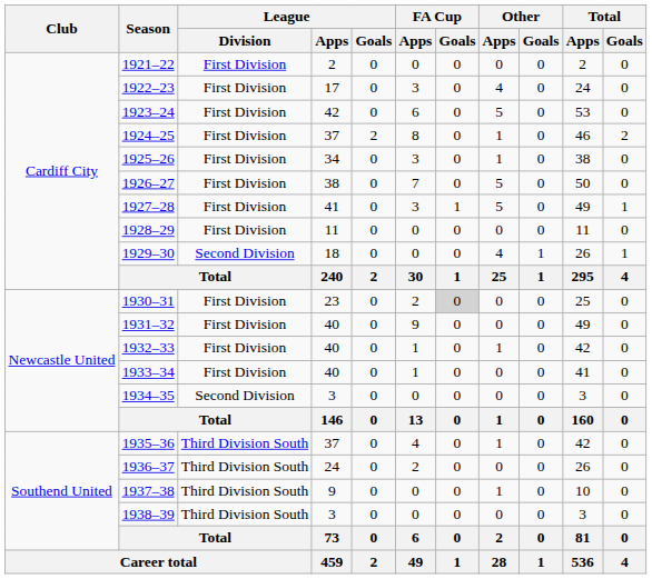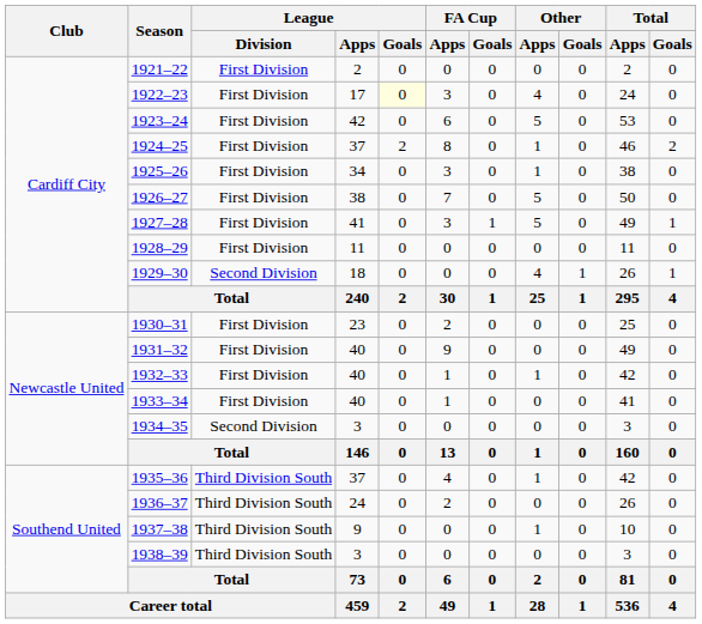 <table class="wikitable" style="text-align:center">
 <tr>
 <th rowspan="2">Club</th>
 <th rowspan="2">Season</th>
 <th colspan="3">League</th>
 <th colspan="2">FA Cup</th>
 <th colspan="2">Other</th>
 <th colspan="2">Total</th>
 </tr>
 <tr>
 <th>Division</th>
 <th>Apps</th>
 <th>Goals</th>
 <th>Apps</th>
 <th>Goals</th>
 <th>Apps</th>
 <th>Goals</th>
 <th>Apps</th>
 <th>Goals</th>
 </tr>
 <tr>
 <td rowspan="10"><a href='#'>Cardiff City</a></td>
 <td><a href='#'>1921–22</a></td>
 <td><a href='#'>First Division</a></td>
 <td>2</td>
 <td>0</td>
 <td>0</td>
 <td>0</td>
 <td>0</td>
 <td>0</td>
 <td>2</td>
 <td>0</td>
 </tr>
 <tr>
 <td><a href='#'>1922–23</a></td>
 <td>First Division</td>
 <td>17</td>
-<td>0</td>
+<td style="background: lightyellow;">0</td>
 <td>3</td>
 <td>0</td>
 <td>4</td>
 <td>0</td>
 <td>24</td>
 <td>0</td>
 </tr>
 <tr>
 <td><a href='#'>1923–24</a></td>
 <td>First Division</td>
 <td>42</td>
 <td>0</td>
 <td>6</td>
 <td>0</td>
 <td>5</td>
 <td>0</td>
 <td>53</td>
 <td>0</td>
 </tr>
 <tr>
 <td><a href='#'>1924–25</a></td>
 <td>First Division</td>
 <td>37</td>
 <td>2</td>
 <td>8</td>
 <td>0</td>
 <td>1</td>
 <td>0</td>
 <td>46</td>
 <td>2</td>
 </tr>
 <tr>
 <td><a href='#'>1925–26</a></td>
 <td>First Division</td>
 <td>34</td>
 <td>0</td>
 <td>3</td>
 <td>0</td>
 <td>1</td>
 <td>0</td>
 <td>38</td>
 <td>0</td>
 </tr>
 <tr>
 <td><a href='#'>1926–27</a></td>
 <td>First Division</td>
 <td>38</td>
 <td>0</td>
 <td>7</td>
 <td>0</td>
 <td>5</td>
 <td>0</td>
 <td>50</td>
 <td>0</td>
 </tr>
 <tr>
 <td><a href='#'>1927–28</a></td>
 <td>First Division</td>
 <td>41</td>
 <td>0</td>
 <td>3</td>
 <td>1</td>
 <td>5</td>
 <td>0</td>
 <td>49</td>
 <td>1</td>
 </tr>
 <tr>
 <td><a href='#'>1928–29</a></td>
 <td>First Division</td>
 <td>11</td>
 <td>0</td>
 <td>0</td>
 <td>0</td>
 <td>0</td>
 <td>0</td>
 <td>11</td>
 <td>0</td>
 </tr>
 <tr>
 <td><a href='#'>1929–30</a></td>
 <td><a href='#'>Second Division</a></td>
 <td>18</td>
 <td>0</td>
 <td>0</td>
 <td>0</td>
 <td>4</td>
 <td>1</td>
 <td>26</td>
 <td>1</td>
 </tr>
 <tr>
 <th colspan="2">Total</th>
 <th>240</th>
 <th>2</th>
 <th>30</th>
 <th>1</th>
 <th>25</th>
 <th>1</th>
 <th>295</th>
 <th>4</th>
 </tr>
 <tr>
 <td rowspan="6"><a href='#'>Newcastle United</a></td>
 <td><a href='#'>1930–31</a></td>
 <td>First Division</td>
 <td>23</td>
 <td>0</td>
 <td>2</td>
-<td style="background: lightgrey;">0</td>
+<td>0</td>
 <td>0</td>
 <td>0</td>
 <td>25</td>
 <td>0</td>
 </tr>
 <tr>
 <td><a href='#'>1931–32</a></td>
 <td>First Division</td>
 <td>40</td>
 <td>0</td>
 <td>9</td>
 <td>0</td>
 <td>0</td>
 <td>0</td>
 <td>49</td>
 <td>0</td>
 </tr>
 <tr>
 <td><a href='#'>1932–33</a></td>
 <td>First Division</td>
 <td>40</td>
 <td>0</td>
 <td>1</td>
 <td>0</td>
 <td>1</td>
 <td>0</td>
 <td>42</td>
 <td>0</td>
 </tr>
 <tr>
 <td><a href='#'>1933–34</a></td>
 <td>First Division</td>
 <td>40</td>
 <td>0</td>
 <td>1</td>
 <td>0</td>
 <td>0</td>
 <td>0</td>
 <td>41</td>
 <td>0</td>
 </tr>
 <tr>
 <td><a href='#'>1934–35</a></td>
 <td>Second Division</td>
 <td>3</td>
 <td>0</td>
 <td>0</td>
 <td>0</td>
 <td>0</td>
 <td>0</td>
 <td>3</td>
 <td>0</td>
 </tr>
 <tr>
 <th colspan="2">Total</th>
 <th>146</th>
 <th>0</th>
 <th>13</th>
 <th>0</th>
 <th>1</th>
 <th>0</th>
 <th>160</th>
 <th>0</th>
 </tr>
 <tr>
 <td rowspan="5"><a href='#'>Southend United</a></td>
 <td><a href='#'>1935–36</a></td>
 <td><a href='#'>Third Division South</a></td>
 <td>37</td>
 <td>0</td>
 <td>4</td>
 <td>0</td>
 <td>1</td>
 <td>0</td>
 <td>42</td>
 <td>0</td>
 </tr>
 <tr>
 <td><a href='#'>1936–37</a></td>
 <td>Third Division South</td>
 <td>24</td>
 <td>0</td>
 <td>2</td>
 <td>0</td>
 <td>0</td>
 <td>0</td>
 <td>26</td>
 <td>0</td>
 </tr>
 <tr>
 <td><a href='#'>1937–38</a></td>
 <td>Third Division South</td>
 <td>9</td>
 <td>0</td>
 <td>0</td>
 <td>0</td>
 <td>1</td>
 <td>0</td>
 <td>10</td>
 <td>0</td>
 </tr>
 <tr>
 <td><a href='#'>1938–39</a></td>
 <td>Third Division South</td>
 <td>3</td>
 <td>0</td>
 <td>0</td>
 <td>0</td>
 <td>0</td>
 <td>0</td>
 <td>3</td>
 <td>0</td>
 </tr>
 <tr>
 <th colspan="2">Total</th>
 <th>73</th>
 <th>0</th>
 <th>6</th>
 <th>0</th>
 <th>2</th>
 <th>0</th>
 <th>81</th>
 <th>0</th>
 </tr>
 <tr>
 <th colspan="3">Career total</th>
 <th>459</th>
 <th>2</th>
 <th>49</th>
 <th>1</th>
 <th>28</th>
 <th>1</th>
 <th>536</th>
 <th>4</th>
 </tr>
 </table>
